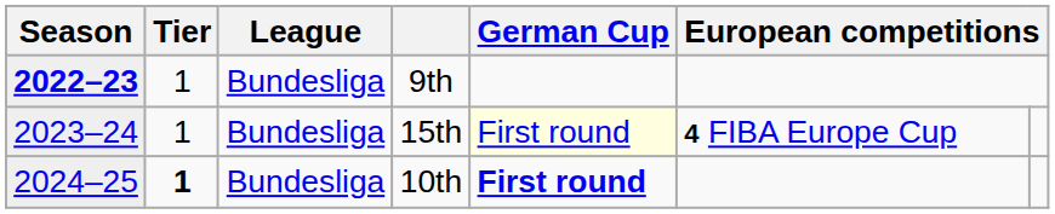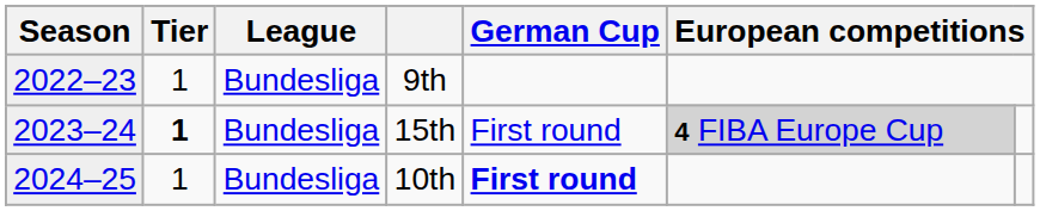 <table class="wikitable" style="font-size:85%">
 <tr>
 <th>Season</th>
 <th>Tier</th>
 <th>League</th>
 <th></th>
 <th><a href='#'>German Cup</a></th>
 <th colspan=2>European competitions</th>
 </tr>
 <tr>
-<td style="background:#efefef;"><strong><a href='#'>2022–23</a></strong></td>
+<td style="background:#efefef;"><a href='#'>2022–23</a></td>
 <td align="center">1</td>
 <td><a href='#'>Bundesliga</a></td>
 <td align="center">9th</td>
 <td></td>
 <td colspan=2></td>
 </tr>
 <tr>
 <td style="background:#efefef;"><a href='#'>2023–24</a></td>
-<td align="center">1</td>
+<td align="center"><strong>1</strong></td>
 <td><a href='#'>Bundesliga</a></td>
 <td align="center">15th</td>
-<td style="background: lightyellow;"><a href='#'>First round</a></td>
-<td><small><strong>4</strong></small> <a href='#'>FIBA Europe Cup</a></td>
+<td><a href='#'>First round</a></td>
+<td style="background: lightgrey;"><small><strong>4</strong></small> <a href='#'>FIBA Europe Cup</a></td>
 <td align=center></td>
 </tr>
 <tr>
 <td style="background:#efefef;"><a href='#'>2024–25</a></td>
-<td align="center"><strong>1</strong></td>
+<td align="center">1</td>
 <td><a href='#'>Bundesliga</a></td>
 <td align="center">10th</td>
 <td><strong><a href='#'>First round</a></strong></td>
 <td></td>
 </tr>
 </table>
